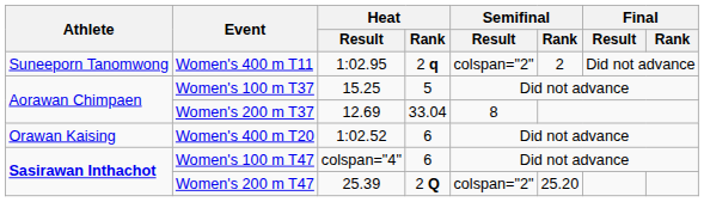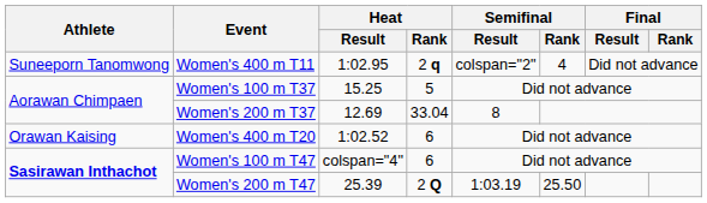 <table class="wikitable" style="font-size:90%">
 <tr>
 <th rowspan="2">Athlete</th>
 <th rowspan="2">Event</th>
 <th colspan="2">Heat</th>
 <th colspan="2">Semifinal</th>
 <th colspan="2">Final</th>
 </tr>
 <tr style="font-size:95%">
 <th>Result</th>
 <th>Rank</th>
 <th>Result</th>
 <th>Rank</th>
 <th>Result</th>
 <th>Rank</th>
 </tr>
 <tr align=center>
 <td align=left><a href='#'>Suneeporn Tanomwong</a></td>
 <td align=left><a href='#'>Women's 400 m T11</a></td>
 <td>1:02.95</td>
 <td>2 <strong>q</strong></td>
 <td>colspan="2" </td>
-<td>2</td>
+<td>4</td>
 <td colspan="2">Did not advance</td>
 </tr>
 <tr align=center>
 <td align=left rowspan=2><a href='#'>Aorawan Chimpaen</a></td>
 <td align=left><a href='#'>Women's 100 m T37</a></td>
 <td>15.25</td>
 <td>5</td>
 <td colspan="4">Did not advance</td>
 </tr>
 <tr align=center>
 <td align=left><a href='#'>Women's 200 m T37</a></td>
 <td>12.69 </td>
 <td>33.04</td>
 <td>8</td>
 </tr>
 <tr align=center>
 <td align=left><a href='#'>Orawan Kaising</a></td>
 <td align=left><a href='#'>Women's 400 m T20</a></td>
 <td>1:02.52</td>
 <td>6</td>
 <td colspan="4">Did not advance</td>
 </tr>
 <tr align=center>
 <td align=left rowspan=2><strong><a href='#'>Sasirawan Inthachot</a></strong></td>
 <td align=left><a href='#'>Women's 100 m T47</a></td>
 <td>colspan="4" </td>
 <td>6</td>
 <td colspan="4">Did not advance</td>
 </tr>
 <tr align=center>
 <td align=left><a href='#'>Women's 200 m T47</a></td>
 <td>25.39 <strong></strong></td>
 <td>2 <strong>Q</strong></td>
-<td>colspan="2" </td>
-<td>25.20 <strong></strong></td>
+<td>1:03.19</td>
+<td>25.50 <strong></strong></td>
 <td></td>
 </tr>
 </table>
